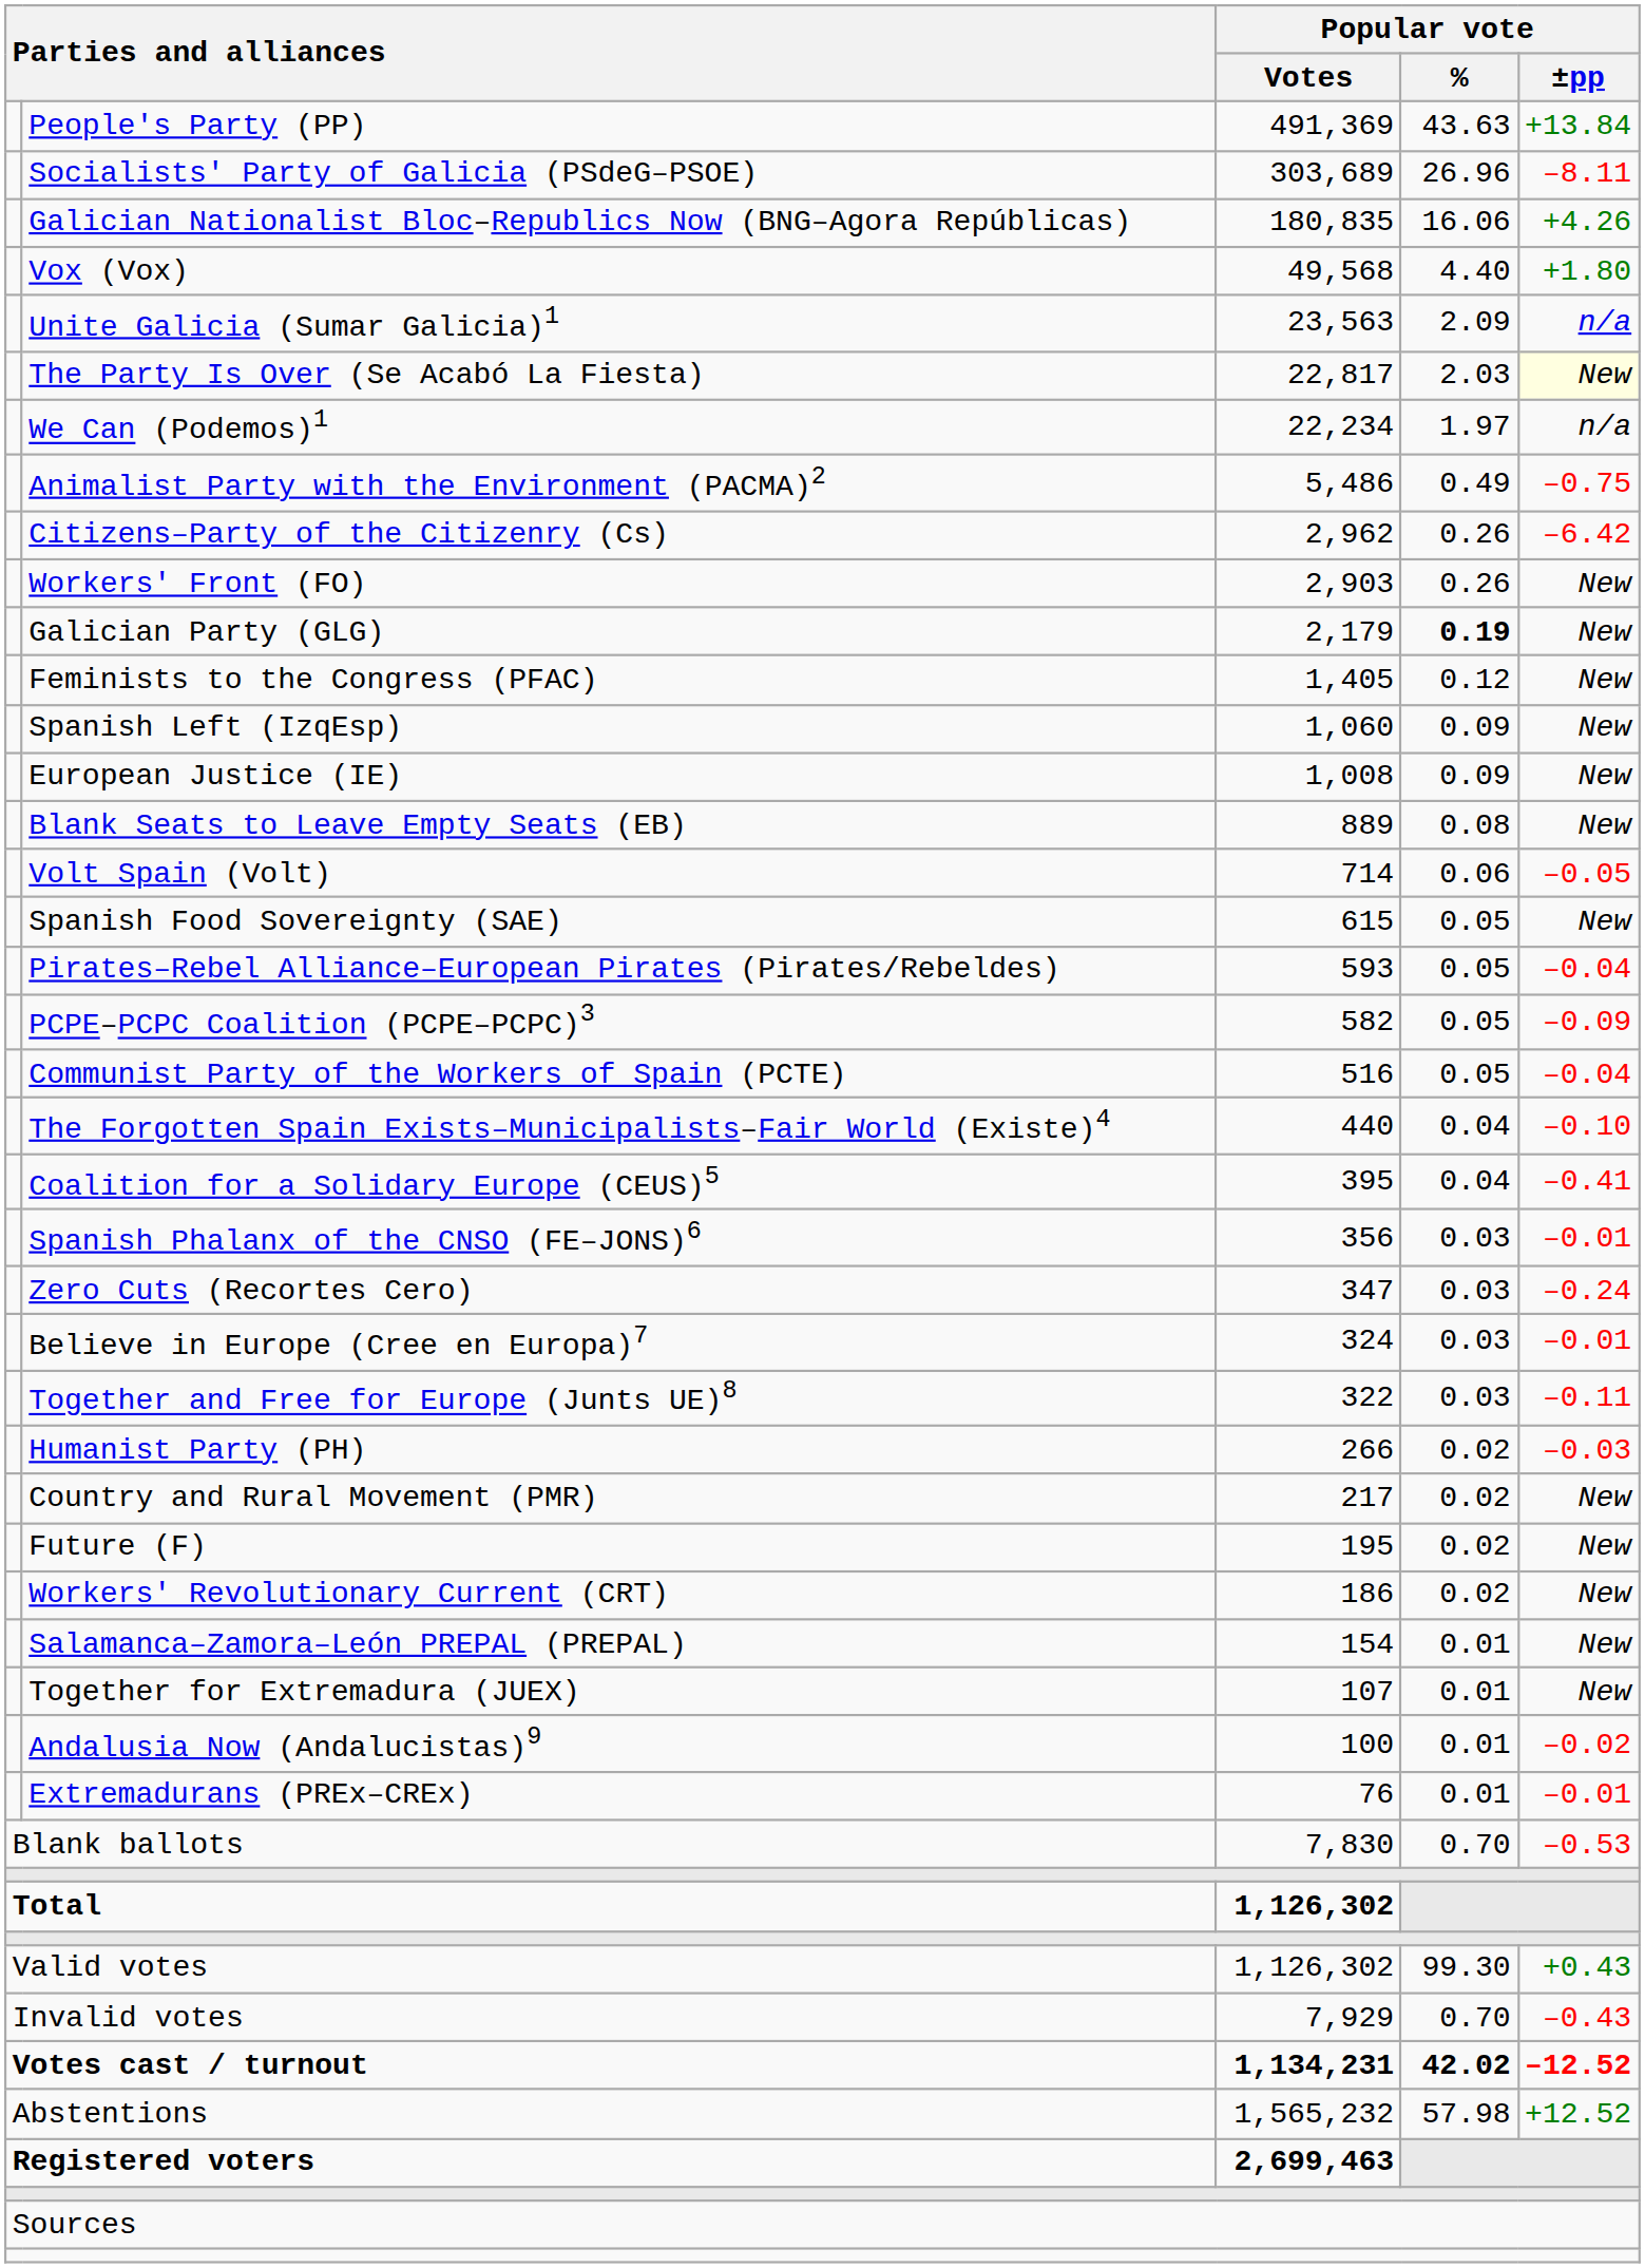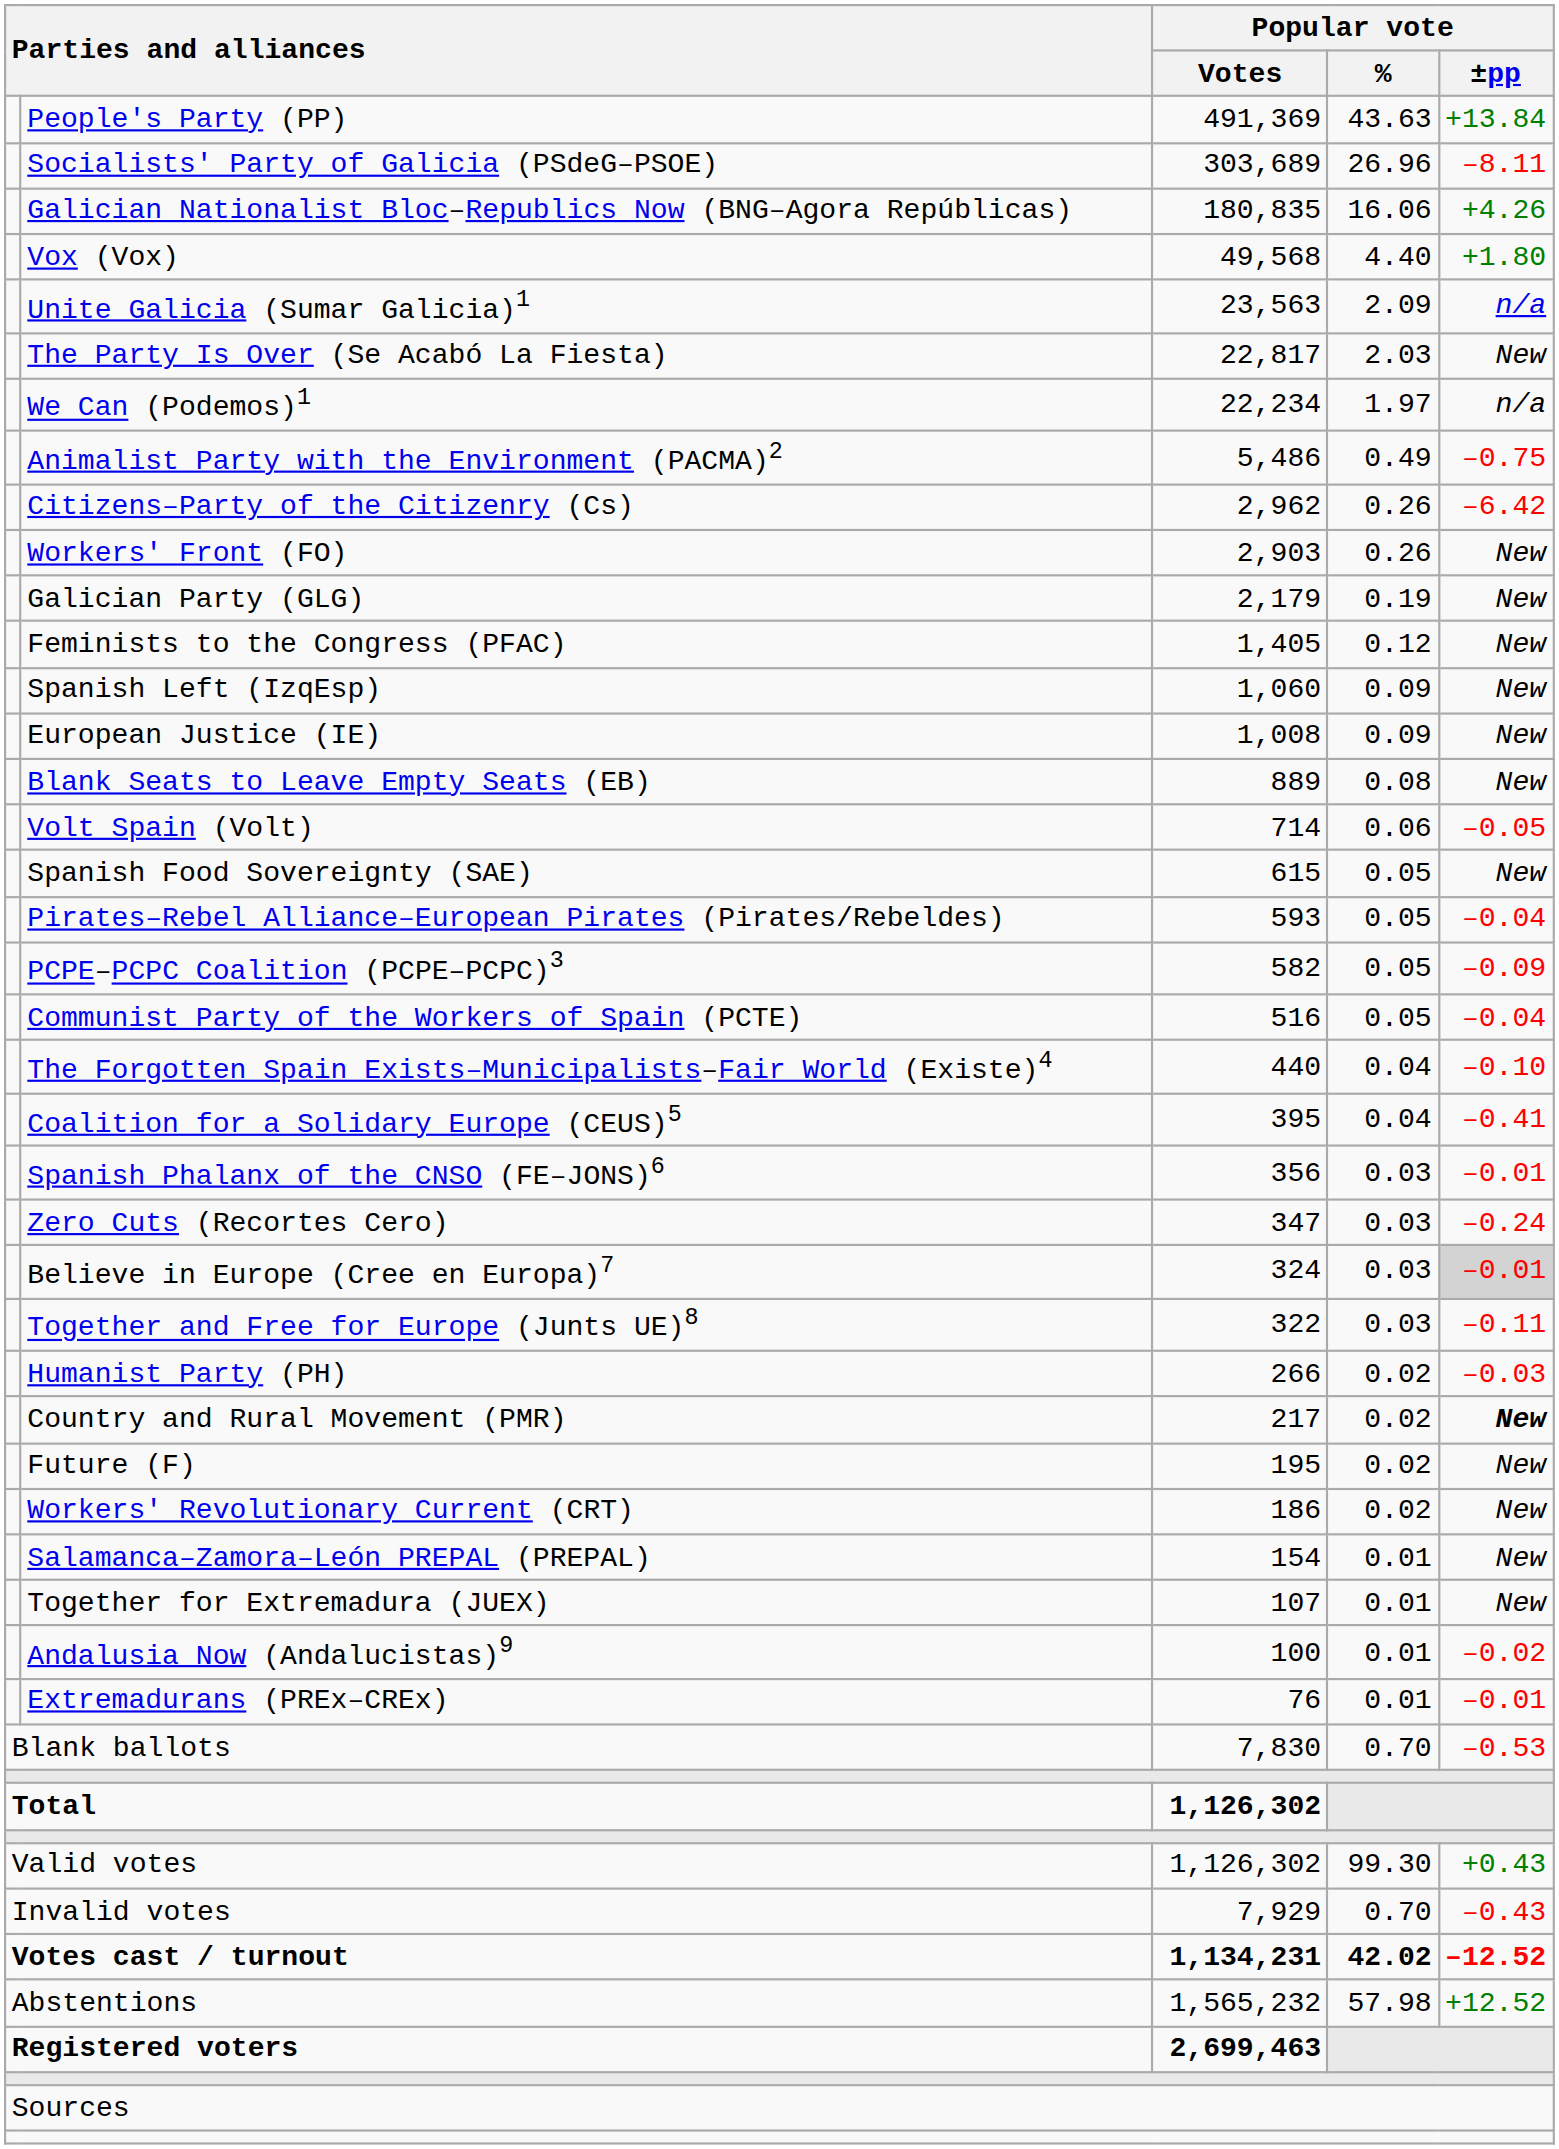 <table class="wikitable" style="text-align:right;">
 <tr>
 <th style="text-align:left;" rowspan="2" colspan="2" width="525">Parties and alliances</th>
 <th colspan="3">Popular vote</th>
 </tr>
 <tr bgcolor="#E9E9E9" align="center">
 <th width="75">Votes</th>
 <th width="45">%</th>
 <th width="45">±<a href='#'>pp</a></th>
 </tr>
 <tr>
 <td width="1" style="color:inherit;background:"></td>
 <td align="left"><a href='#'>People's Party</a> (PP)</td>
 <td>491,369</td>
 <td>43.63</td>
 <td style="color:green;">+13.84</td>
 </tr>
 <tr>
 <td style="color:inherit;background:"></td>
 <td align="left"><a href='#'>Socialists' Party of Galicia</a> (PSdeG–PSOE)</td>
 <td>303,689</td>
 <td>26.96</td>
 <td style="color:red;">–8.11</td>
 </tr>
 <tr>
 <td style="color:inherit;background:"></td>
 <td align="left"><a href='#'>Galician Nationalist Bloc</a>–<a href='#'>Republics Now</a> (BNG–Agora Repúblicas)</td>
 <td>180,835</td>
 <td>16.06</td>
 <td style="color:green;">+4.26</td>
 </tr>
 <tr>
 <td style="color:inherit;background:"></td>
 <td align="left"><a href='#'>Vox</a> (Vox)</td>
 <td>49,568</td>
 <td>4.40</td>
 <td style="color:green;">+1.80</td>
 </tr>
 <tr>
 <td style="color:inherit;background:"></td>
 <td align="left"><a href='#'>Unite Galicia</a> (Sumar Galicia)<sup>1</sup></td>
 <td>23,563</td>
 <td>2.09</td>
 <td><em><a href='#'>n/a</a></em></td>
 </tr>
 <tr>
 <td style="color:inherit;background:"></td>
 <td align="left"><a href='#'>The Party Is Over</a> (Se Acabó La Fiesta)</td>
 <td>22,817</td>
 <td>2.03</td>
-<td style="background: lightyellow;"><em>New</em></td>
+<td><em>New</em></td>
 </tr>
 <tr>
 <td style="color:inherit;background:"></td>
 <td align="left"><a href='#'>We Can</a> (Podemos)<sup>1</sup></td>
 <td>22,234</td>
 <td>1.97</td>
 <td><em>n/a</em></td>
 </tr>
 <tr>
 <td style="color:inherit;background:"></td>
 <td align="left"><a href='#'>Animalist Party with the Environment</a> (PACMA)<sup>2</sup></td>
 <td>5,486</td>
 <td>0.49</td>
 <td style="color:red;">–0.75</td>
 </tr>
 <tr>
 <td style="color:inherit;background:"></td>
 <td align="left"><a href='#'>Citizens–Party of the Citizenry</a> (Cs)</td>
 <td>2,962</td>
 <td>0.26</td>
 <td style="color:red;">–6.42</td>
 </tr>
 <tr>
 <td style="color:inherit;background:"></td>
 <td align="left"><a href='#'>Workers' Front</a> (FO)</td>
 <td>2,903</td>
 <td>0.26</td>
 <td><em>New</em></td>
 </tr>
 <tr>
 <td style="color:inherit;background:"></td>
 <td align="left">Galician Party (GLG)</td>
 <td>2,179</td>
-<td><strong>0.19</strong></td>
+<td>0.19</td>
 <td><em>New</em></td>
 </tr>
 <tr>
 <td style="color:inherit;background:"></td>
 <td align="left">Feminists to the Congress (PFAC)</td>
 <td>1,405</td>
 <td>0.12</td>
 <td><em>New</em></td>
 </tr>
 <tr>
 <td style="color:inherit;background:"></td>
 <td align="left">Spanish Left (IzqEsp)</td>
 <td>1,060</td>
 <td>0.09</td>
 <td><em>New</em></td>
 </tr>
 <tr>
 <td style="color:inherit;background:"></td>
 <td align="left">European Justice (IE)</td>
 <td>1,008</td>
 <td>0.09</td>
 <td><em>New</em></td>
 </tr>
 <tr>
 <td style="color:inherit;background:"></td>
 <td align="left"><a href='#'>Blank Seats to Leave Empty Seats</a> (EB)</td>
 <td>889</td>
 <td>0.08</td>
 <td><em>New</em></td>
 </tr>
 <tr>
 <td style="color:inherit;background:"></td>
 <td align="left"><a href='#'>Volt Spain</a> (Volt)</td>
 <td>714</td>
 <td>0.06</td>
 <td style="color:red;">–0.05</td>
 </tr>
 <tr>
 <td style="color:inherit;background:"></td>
 <td align="left">Spanish Food Sovereignty (SAE)</td>
 <td>615</td>
 <td>0.05</td>
 <td><em>New</em></td>
 </tr>
 <tr>
 <td style="color:inherit;background:"></td>
 <td align="left"><a href='#'>Pirates–Rebel Alliance–European Pirates</a> (Pirates/Rebeldes)</td>
 <td>593</td>
 <td>0.05</td>
 <td style="color:red;">–0.04</td>
 </tr>
 <tr>
 <td style="color:inherit;background:"></td>
 <td align="left"><a href='#'>PCPE</a>–<a href='#'>PCPC Coalition</a> (PCPE–PCPC)<sup>3</sup></td>
 <td>582</td>
 <td>0.05</td>
 <td style="color:red;">–0.09</td>
 </tr>
 <tr>
 <td style="color:inherit;background:"></td>
 <td align="left"><a href='#'>Communist Party of the Workers of Spain</a> (PCTE)</td>
 <td>516</td>
 <td>0.05</td>
 <td style="color:red;">–0.04</td>
 </tr>
 <tr>
 <td style="color:inherit;background:"></td>
 <td align="left"><a href='#'>The Forgotten Spain Exists–Municipalists</a>–<a href='#'>Fair World</a> (Existe)<sup>4</sup></td>
 <td>440</td>
 <td>0.04</td>
 <td style="color:red;">–0.10</td>
 </tr>
 <tr>
 <td style="color:inherit;background:"></td>
 <td align="left"><a href='#'>Coalition for a Solidary Europe</a> (CEUS)<sup>5</sup></td>
 <td>395</td>
 <td>0.04</td>
 <td style="color:red;">–0.41</td>
 </tr>
 <tr>
 <td style="color:inherit;background:"></td>
 <td align="left"><a href='#'>Spanish Phalanx of the CNSO</a> (FE–JONS)<sup>6</sup></td>
 <td>356</td>
 <td>0.03</td>
 <td style="color:red;">–0.01</td>
 </tr>
 <tr>
 <td style="color:inherit;background:"></td>
 <td align="left"><a href='#'>Zero Cuts</a> (Recortes Cero)</td>
 <td>347</td>
 <td>0.03</td>
 <td style="color:red;">–0.24</td>
 </tr>
 <tr>
 <td style="color:inherit;background:"></td>
 <td align="left">Believe in Europe (Cree en Europa)<sup>7</sup></td>
 <td>324</td>
 <td>0.03</td>
-<td style="color:red;">–0.01</td>
+<td style="background: lightgrey; color:red;">–0.01</td>
 </tr>
 <tr>
 <td style="color:inherit;background:"></td>
 <td align="left"><a href='#'>Together and Free for Europe</a> (Junts UE)<sup>8</sup></td>
 <td>322</td>
 <td>0.03</td>
 <td style="color:red;">–0.11</td>
 </tr>
 <tr>
 <td style="color:inherit;background:"></td>
 <td align="left"><a href='#'>Humanist Party</a> (PH)</td>
 <td>266</td>
 <td>0.02</td>
 <td style="color:red;">–0.03</td>
 </tr>
 <tr>
 <td style="color:inherit;background:"></td>
 <td align="left">Country and Rural Movement (PMR)</td>
 <td>217</td>
 <td>0.02</td>
-<td><em>New</em></td>
+<td><strong><em>New</em></strong></td>
 </tr>
 <tr>
 <td style="color:inherit;background:"></td>
 <td align="left">Future (F)</td>
 <td>195</td>
 <td>0.02</td>
 <td><em>New</em></td>
 </tr>
 <tr>
 <td style="color:inherit;background:"></td>
 <td align="left"><a href='#'>Workers' Revolutionary Current</a> (CRT)</td>
 <td>186</td>
 <td>0.02</td>
 <td><em>New</em></td>
 </tr>
 <tr>
 <td style="color:inherit;background:"></td>
 <td align="left"><a href='#'>Salamanca–Zamora–León PREPAL</a> (PREPAL)</td>
 <td>154</td>
 <td>0.01</td>
 <td><em>New</em></td>
 </tr>
 <tr>
 <td style="color:inherit;background:"></td>
 <td align="left">Together for Extremadura (JUEX)</td>
 <td>107</td>
 <td>0.01</td>
 <td><em>New</em></td>
 </tr>
 <tr>
 <td style="color:inherit;background:"></td>
 <td align="left"><a href='#'>Andalusia Now</a> (Andalucistas)<sup>9</sup></td>
 <td>100</td>
 <td>0.01</td>
 <td style="color:red;">–0.02</td>
 </tr>
 <tr>
 <td style="color:inherit;background:"></td>
 <td align="left"><a href='#'>Extremadurans</a> (PREx–CREx)</td>
 <td>76</td>
 <td>0.01</td>
 <td style="color:red;">–0.01</td>
 </tr>
 <tr>
 <td align="left" colspan="2">Blank ballots</td>
 <td>7,830</td>
 <td>0.70</td>
 <td style="color:red;">–0.53</td>
 </tr>
 <tr>
 <td colspan="5" bgcolor="#E9E9E9"></td>
 </tr>
 <tr style="font-weight:bold;">
 <td align="left" colspan="2">Total</td>
 <td>1,126,302</td>
 <td bgcolor="#E9E9E9" colspan="2"></td>
 </tr>
 <tr>
 <td colspan="5" bgcolor="#E9E9E9"></td>
 </tr>
 <tr>
 <td align="left" colspan="2">Valid votes</td>
 <td>1,126,302</td>
 <td>99.30</td>
 <td style="color:green;">+0.43</td>
 </tr>
 <tr>
 <td align="left" colspan="2">Invalid votes</td>
 <td>7,929</td>
 <td>0.70</td>
 <td style="color:red;">–0.43</td>
 </tr>
 <tr style="font-weight:bold;">
 <td align="left" colspan="2">Votes cast / turnout</td>
 <td>1,134,231</td>
 <td>42.02</td>
 <td style="color:red;">–12.52</td>
 </tr>
 <tr>
 <td align="left" colspan="2">Abstentions</td>
 <td>1,565,232</td>
 <td>57.98</td>
 <td style="color:green;">+12.52</td>
 </tr>
 <tr style="font-weight:bold;">
 <td align="left" colspan="2">Registered voters</td>
 <td>2,699,463</td>
 <td bgcolor="#E9E9E9" colspan="2"></td>
 </tr>
 <tr>
 <td colspan="5" bgcolor="#E9E9E9"></td>
 </tr>
 <tr>
 <td align="left" colspan="5">Sources</td>
 </tr>
 <tr>
 <td colspan="5" style="text-align:left; max-width:790px;"></td>
 </tr>
 </table>
